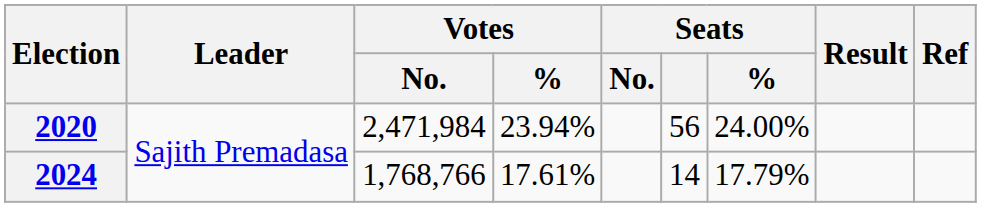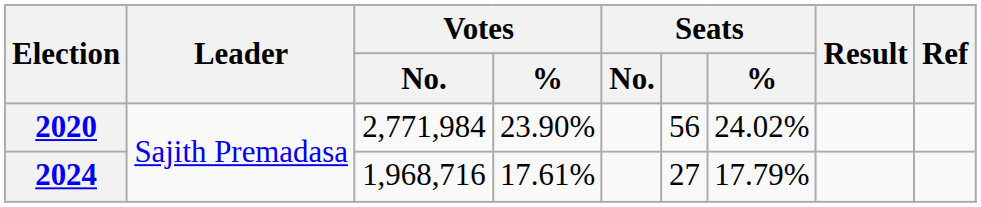 <table class="sortable wikitable">
 <tr>
 <th rowspan=2 style="background-color:">Election</th>
 <th rowspan=2 style="background-color:">Leader</th>
 <th colspan=2 style="background-color:">Votes</th>
 <th colspan=3 style="background-color:">Seats</th>
 <th rowspan=2 style="background-color:">Result</th>
 <th rowspan=2 style="background-color:">Ref</th>
 </tr>
 <tr>
 <th style="background-color:">No.</th>
 <th style="background-color:">%</th>
 <th style="background-color:">No.</th>
 <th style="background-color:"></th>
 <th style="background-color:">%</th>
 </tr>
 <tr>
 <th><a href='#'>2020</a></th>
 <td rowspan=2><a href='#'>Sajith Premadasa</a></td>
-<td align=center>2,471,984</td>
-<td align=center>23.94%</td>
+<td align=center>2,771,984</td>
+<td align=center>23.90%</td>
 <td></td>
 <td> 56</td>
-<td>24.00%</td>
+<td>24.02%</td>
 <td></td>
 <td></td>
 </tr>
 <tr>
 <th><a href='#'>2024</a></th>
-<td align=center>1,768,766</td>
+<td align=center>1,968,716</td>
 <td align=center>17.61%</td>
 <td></td>
-<td> 14</td>
+<td> 27</td>
 <td>17.79%</td>
 <td></td>
 <td align=center></td>
 </tr>
 </table>
